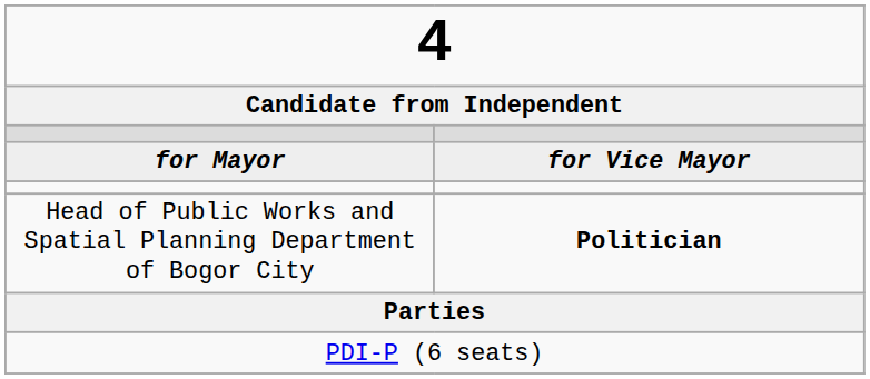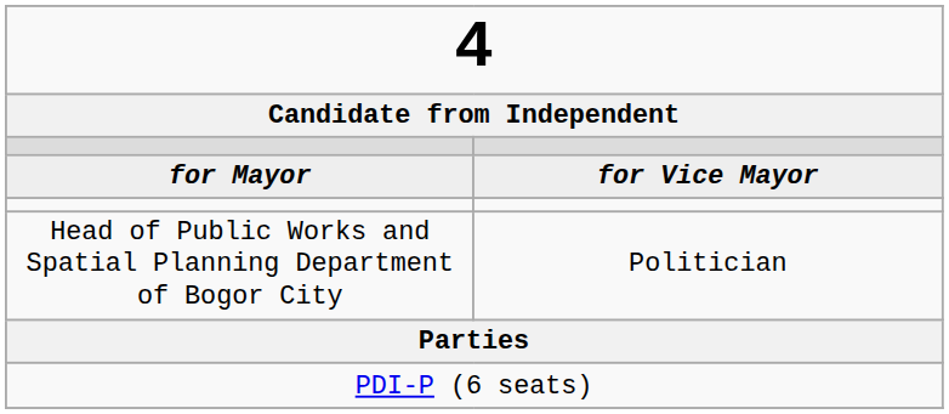 <table class="wikitable" style="font-size:90%; text-align:center;">
 <tr>
 <td colspan=2><big><big><big><big><big><strong>4</strong></big></big></big></big></big></td>
 </tr>
 <tr>
 <td colspan=2 style="background:#f1f1f1;"><strong>Candidate from Independent</strong></td>
 </tr>
 <tr>
 <th style="width:3em; font-size:135%; background:#DCDCDC; width:200px;"></th>
 <th style="width:3em; font-size:135%; background:#DCDCDC; width:200px;"></th>
 </tr>
 <tr style="color:#000; font-size:100%; background:#EEEEEE;">
 <td style="width:3em; width:200px;"><strong><em>for Mayor</em></strong></td>
 <td style="width:3em; width:200px;"><strong><em>for Vice Mayor</em></strong></td>
 </tr>
 <tr>
 <td></td>
 <td></td>
 </tr>
 <tr>
 <td>Head of Public Works and Spatial Planning Department of Bogor City</td>
-<td><strong>Politician</strong></td>
+<td>Politician</td>
 </tr>
 <tr>
 <td colspan=2 bgcolor="#f1f1f1"><strong>Parties</strong></td>
 </tr>
 <tr>
 <td colspan=2> <a href='#'>PDI-P</a> (6 seats)</td>
 </tr>
 </table>
